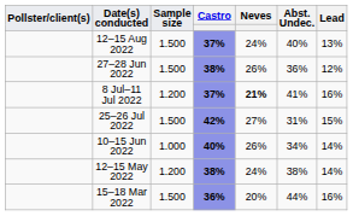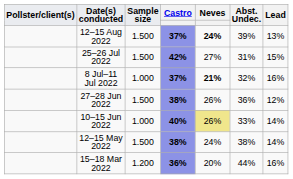 <table class="wikitable sortable" style="text-align:center;font-size:90%;line-height:14px;">
 <tr>
 <td rowspan="2" class="unsortable" style="width:50px;background:#eaecf0;"><strong>Pollster/client(s)</strong></td>
 <td rowspan="2" class="unsortable" style="width:50px;background:#eaecf0;"><strong>Date(s)<br>conducted</strong></td>
 <td rowspan="2" class="unsortable" style="width:50px;background:#eaecf0;"><strong>Sample <br>size</strong></td>
 <th class="unsortable" style="width:50px;"><a href='#'>Castro</a><br></th>
 <th class="unsortable" style="width:50px;"><strong>Neves</strong><br></th>
 <th rowspan="2" class="unsortable">Abst.<br>Undec.</th>
 <th rowspan="2" data-sort-type="number">Lead</th>
 </tr>
 <tr>
 <th class="sortable" data-sort-type="number" style="background:"></th>
 <th class="sortable" data-sort-type="number" style="background:"></th>
 </tr>
 <tr>
 <td></td>
 <td>12–15 Aug 2022</td>
 <td>1.500</td>
 <td style="background:#8c92e6;"><strong>37%</strong></td>
-<td>24%</td>
-<td>40%</td>
+<td><strong>24%</strong></td>
+<td>39%</td>
 <td style="background:">13%</td>
+</tr>
+<tr>
+<td></td>
+<td>25–26 Jul 2022</td>
+<td>1.500</td>
+<td style="background:#8c92e6;"><strong>42%</strong></td>
+<td>27%</td>
+<td>31%</td>
+<td style="background:">15%</td>
+</tr>
+<tr>
+<td></td>
+<td>8 Jul–11 Jul 2022</td>
+<td>1.000</td>
+<td style="background:#8c92e6;"><strong>37%</strong></td>
+<td><strong>21%</strong></td>
+<td>32%</td>
+<td style="background:">16%</td>
 </tr>
 <tr>
 <td></td>
 <td>27–28 Jun 2022</td>
 <td>1.500</td>
 <td style="background:#8c92e6;"><strong>38%</strong></td>
 <td>26%</td>
 <td>36%</td>
 <td style="background:">12%</td>
 </tr>
 <tr>
 <td></td>
-<td>8 Jul–11 Jul 2022</td>
-<td>1.200</td>
-<td style="background:#8c92e6;"><strong>37%</strong></td>
-<td><strong>21%</strong></td>
-<td>41%</td>
-<td style="background:">16%</td>
-</tr>
-<tr>
-<td></td>
-<td>25–26 Jul 2022</td>
-<td>1.500</td>
-<td style="background:#8c92e6;"><strong>42%</strong></td>
-<td>27%</td>
-<td>31%</td>
-<td style="background:">15%</td>
-</tr>
-<tr>
-<td></td>
 <td>10–15 Jun 2022</td>
 <td>1.000</td>
 <td style="background:#8c92e6;"><strong>40%</strong></td>
-<td>26%</td>
-<td>34%</td>
+<td style="background: khaki;">26%</td>
+<td>33%</td>
 <td style="background:">14%</td>
 </tr>
 <tr>
 <td></td>
 <td>12–15 May 2022</td>
-<td>1.200</td>
+<td>1.500</td>
 <td style="background:#8c92e6;"><strong>38%</strong></td>
 <td>24%</td>
 <td>38%</td>
 <td style="background:">14%</td>
 </tr>
 <tr>
 <td></td>
 <td>15–18 Mar 2022</td>
-<td>1.500</td>
+<td>1.200</td>
 <td style="background:#8c92e6;"><strong>36%</strong></td>
 <td>20%</td>
 <td>44%</td>
 <td style="background:">16%</td>
 </tr>
 </table>
